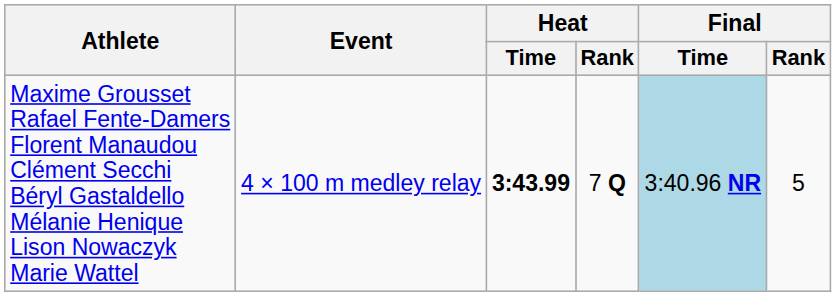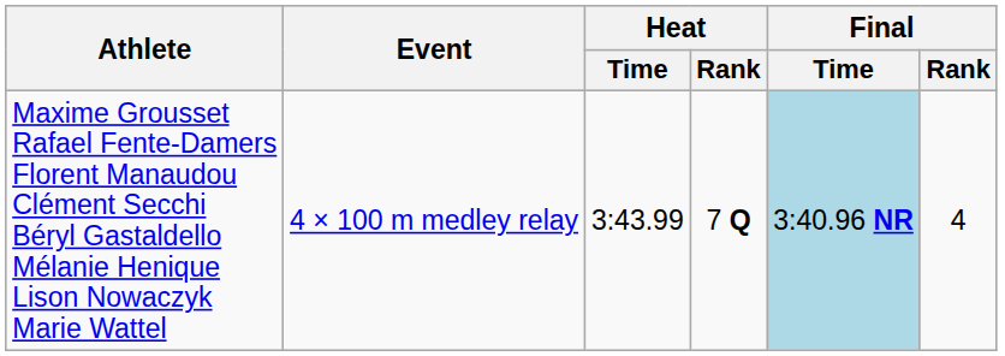 <table class=wikitable style="font-size:90%;">
 <tr>
 <th rowspan=2>Athlete</th>
 <th rowspan=2>Event</th>
 <th colspan=2>Heat</th>
 <th colspan=2>Final</th>
 </tr>
 <tr style="font-size:95%">
 <th>Time</th>
 <th>Rank</th>
 <th>Time</th>
 <th>Rank</th>
 </tr>
 <tr align=center>
 <td align=left><a href='#'>Maxime Grousset</a><br><a href='#'>Rafael Fente-Damers</a><br><a href='#'>Florent Manaudou</a><br><a href='#'>Clément Secchi</a><br><a href='#'>Béryl Gastaldello</a><br><a href='#'>Mélanie Henique</a><br><a href='#'>Lison Nowaczyk</a><br><a href='#'>Marie Wattel</a></td>
 <td align=left><a href='#'>4 × 100 m medley relay</a></td>
-<td><strong>3:43.99</strong></td>
+<td>3:43.99</td>
 <td>7 <strong>Q</strong></td>
 <td style="background: lightblue;">3:40.96 <strong><a href='#'>NR</a></strong></td>
-<td>5</td>
+<td>4</td>
 </tr>
 </table>
